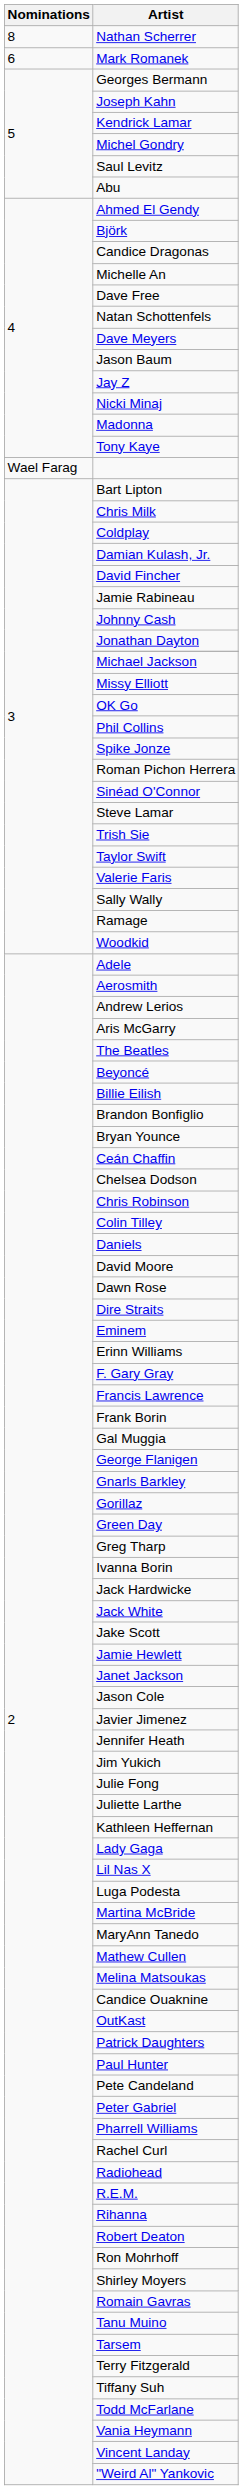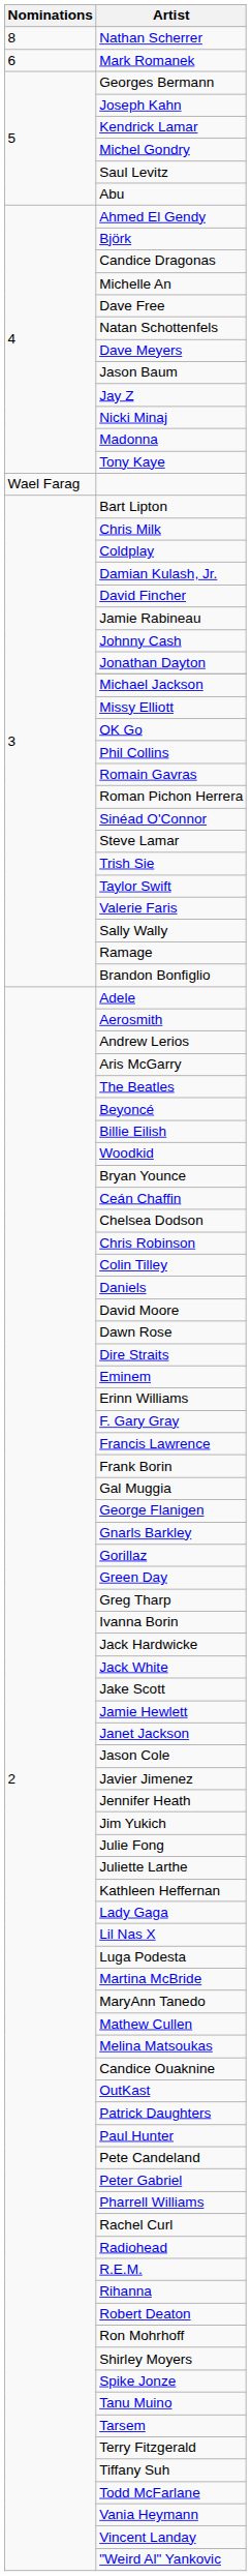 <table class="wikitable">
 <tr>
 <th>Nominations</th>
 <th>Artist</th>
 </tr>
 <tr>
 <td>8</td>
 <td><a href='#'>Nathan Scherrer</a></td>
 </tr>
 <tr>
 <td>6</td>
 <td><a href='#'>Mark Romanek</a></td>
 </tr>
 <tr>
 <td rowspan="6">5</td>
 <td>Georges Bermann</td>
 </tr>
 <tr>
 <td><a href='#'>Joseph Kahn</a></td>
 </tr>
 <tr>
 <td><a href='#'>Kendrick Lamar</a></td>
 </tr>
 <tr>
 <td><a href='#'>Michel Gondry</a></td>
 </tr>
 <tr>
 <td>Saul Levitz</td>
 </tr>
 <tr>
 <td>Abu</td>
 </tr>
 <tr>
 <td rowspan="12">4</td>
 <td><a href='#'>Ahmed El Gendy</a></td>
 </tr>
 <tr>
 <td><a href='#'>Björk</a></td>
 </tr>
 <tr>
 <td>Candice Dragonas</td>
 </tr>
 <tr>
 <td>Michelle An</td>
 </tr>
 <tr>
 <td>Dave Free</td>
 </tr>
 <tr>
 <td>Natan Schottenfels</td>
 </tr>
 <tr>
 <td><a href='#'>Dave Meyers</a></td>
 </tr>
 <tr>
 <td>Jason Baum</td>
 </tr>
 <tr>
 <td><a href='#'>Jay Z</a></td>
 </tr>
 <tr>
 <td><a href='#'>Nicki Minaj</a></td>
 </tr>
 <tr>
 <td><a href='#'>Madonna</a></td>
 </tr>
 <tr>
 <td><a href='#'>Tony Kaye</a></td>
 </tr>
 <tr>
 <td>Wael Farag</td>
 </tr>
 <tr>
 <td rowspan="23">3</td>
 <td>Bart Lipton</td>
 </tr>
 <tr>
 <td><a href='#'>Chris Milk</a></td>
 </tr>
 <tr>
 <td><a href='#'>Coldplay</a></td>
 </tr>
 <tr>
 <td><a href='#'>Damian Kulash, Jr.</a></td>
 </tr>
 <tr>
 <td><a href='#'>David Fincher</a></td>
 </tr>
 <tr>
 <td>Jamie Rabineau</td>
 </tr>
 <tr>
 <td><a href='#'>Johnny Cash</a></td>
 </tr>
 <tr>
 <td><a href='#'>Jonathan Dayton</a></td>
 </tr>
 <tr>
 </tr>
 <tr>
 <td><a href='#'>Michael Jackson</a></td>
 </tr>
 <tr>
 <td><a href='#'>Missy Elliott</a></td>
 </tr>
 <tr>
 <td><a href='#'>OK Go</a></td>
 </tr>
 <tr>
 <td><a href='#'>Phil Collins</a></td>
 </tr>
 <tr>
-<td><a href='#'>Spike Jonze</a></td>
+<td><a href='#'>Romain Gavras</a></td>
 </tr>
 <tr>
 <td>Roman Pichon Herrera</td>
 </tr>
 <tr>
 <td><a href='#'>Sinéad O'Connor</a></td>
 </tr>
 <tr>
 <td>Steve Lamar</td>
 </tr>
 <tr>
 <td><a href='#'>Trish Sie</a></td>
 </tr>
 <tr>
 <td><a href='#'>Taylor Swift</a></td>
 </tr>
 <tr>
 <td><a href='#'>Valerie Faris</a></td>
 </tr>
 <tr>
 <td>Sally Wally</td>
 </tr>
 <tr>
 <td>Ramage</td>
 </tr>
 <tr>
-<td><a href='#'>Woodkid</a></td>
+<td>Brandon Bonfiglio</td>
 </tr>
 <tr>
 <td rowspan="72">2</td>
 <td><a href='#'>Adele</a></td>
 </tr>
 <tr>
 <td><a href='#'>Aerosmith</a></td>
 </tr>
 <tr>
 <td>Andrew Lerios</td>
 </tr>
 <tr>
 <td>Aris McGarry</td>
 </tr>
 <tr>
 <td><a href='#'>The Beatles</a></td>
 </tr>
 <tr>
 <td><a href='#'>Beyoncé</a></td>
 </tr>
 <tr>
 <td><a href='#'>Billie Eilish</a></td>
 </tr>
 <tr>
-<td>Brandon Bonfiglio</td>
+<td><a href='#'>Woodkid</a></td>
 </tr>
 <tr>
 <td>Bryan Younce</td>
 </tr>
 <tr>
 <td><a href='#'>Ceán Chaffin</a></td>
 </tr>
 <tr>
 <td>Chelsea Dodson</td>
 </tr>
 <tr>
 <td><a href='#'>Chris Robinson</a></td>
 </tr>
 <tr>
 <td><a href='#'>Colin Tilley</a></td>
 </tr>
 <tr>
 <td><a href='#'>Daniels</a></td>
 </tr>
 <tr>
 <td>David Moore</td>
 </tr>
 <tr>
 <td>Dawn Rose</td>
 </tr>
 <tr>
 <td><a href='#'>Dire Straits</a></td>
 </tr>
 <tr>
 <td><a href='#'>Eminem</a></td>
 </tr>
 <tr>
 <td>Erinn Williams</td>
 </tr>
 <tr>
 <td><a href='#'>F. Gary Gray</a></td>
 </tr>
 <tr>
 <td><a href='#'>Francis Lawrence</a></td>
 </tr>
 <tr>
 <td>Frank Borin</td>
 </tr>
 <tr>
 <td>Gal Muggia</td>
 </tr>
 <tr>
 <td><a href='#'>George Flanigen</a></td>
 </tr>
 <tr>
 <td><a href='#'>Gnarls Barkley</a></td>
 </tr>
 <tr>
 <td><a href='#'>Gorillaz</a></td>
 </tr>
 <tr>
 <td><a href='#'>Green Day</a></td>
 </tr>
 <tr>
 <td>Greg Tharp</td>
 </tr>
 <tr>
 <td>Ivanna Borin</td>
 </tr>
 <tr>
 <td>Jack Hardwicke</td>
 </tr>
 <tr>
 <td><a href='#'>Jack White</a></td>
 </tr>
 <tr>
 <td>Jake Scott</td>
 </tr>
 <tr>
 <td><a href='#'>Jamie Hewlett</a></td>
 </tr>
 <tr>
 <td><a href='#'>Janet Jackson</a></td>
 </tr>
 <tr>
 <td>Jason Cole</td>
 </tr>
 <tr>
 <td>Javier Jimenez</td>
 </tr>
 <tr>
 <td>Jennifer Heath</td>
 </tr>
 <tr>
 <td>Jim Yukich</td>
 </tr>
 <tr>
 <td>Julie Fong</td>
 </tr>
 <tr>
 <td>Juliette Larthe</td>
 </tr>
 <tr>
 <td>Kathleen Heffernan</td>
 </tr>
 <tr>
 <td><a href='#'>Lady Gaga</a></td>
 </tr>
 <tr>
 <td><a href='#'>Lil Nas X</a></td>
 </tr>
 <tr>
 <td>Luga Podesta</td>
 </tr>
 <tr>
 <td><a href='#'>Martina McBride</a></td>
 </tr>
 <tr>
 <td>MaryAnn Tanedo</td>
 </tr>
 <tr>
 <td><a href='#'>Mathew Cullen</a></td>
 </tr>
 <tr>
 <td><a href='#'>Melina Matsoukas</a></td>
 </tr>
 <tr>
 <td>Candice Ouaknine</td>
 </tr>
 <tr>
 <td><a href='#'>OutKast</a></td>
 </tr>
 <tr>
 <td><a href='#'>Patrick Daughters</a></td>
 </tr>
 <tr>
 <td><a href='#'>Paul Hunter</a></td>
 </tr>
 <tr>
 <td>Pete Candeland</td>
 </tr>
 <tr>
 <td><a href='#'>Peter Gabriel</a></td>
 </tr>
 <tr>
 <td><a href='#'>Pharrell Williams</a></td>
 </tr>
 <tr>
 <td>Rachel Curl</td>
 </tr>
 <tr>
 <td><a href='#'>Radiohead</a></td>
 </tr>
 <tr>
 <td><a href='#'>R.E.M.</a></td>
 </tr>
 <tr>
 <td><a href='#'>Rihanna</a></td>
 </tr>
 <tr>
 <td><a href='#'>Robert Deaton</a></td>
 </tr>
 <tr>
 <td>Ron Mohrhoff</td>
 </tr>
 <tr>
 <td>Shirley Moyers</td>
 </tr>
 <tr>
-<td><a href='#'>Romain Gavras</a></td>
+<td><a href='#'>Spike Jonze</a></td>
 </tr>
 <tr>
 <td><a href='#'>Tanu Muino</a></td>
 </tr>
 <tr>
 <td><a href='#'>Tarsem</a></td>
 </tr>
 <tr>
 <td>Terry Fitzgerald</td>
 </tr>
 <tr>
 <td>Tiffany Suh</td>
 </tr>
 <tr>
 <td><a href='#'>Todd McFarlane</a></td>
 </tr>
 <tr>
 <td><a href='#'>Vania Heymann</a></td>
 </tr>
 <tr>
 <td><a href='#'>Vincent Landay</a></td>
 </tr>
 <tr>
 <td><a href='#'>"Weird Al" Yankovic</a></td>
 </tr>
 </table>
